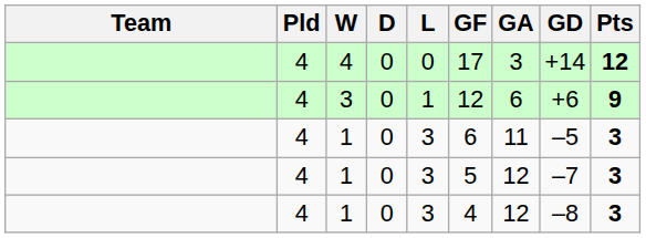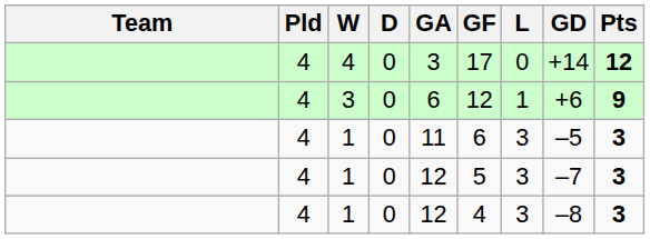 <table class=wikitable style="text-align:center">
 <tr>
 <th width=175>Team</th>
 <th width=20>Pld</th>
 <th width=20>W</th>
 <th width=20>D</th>
+<th width=20>GA</th>
+<th width=20>GF</th>
 <th width=20>L</th>
-<th width=20>GF</th>
-<th width=20>GA</th>
 <th width=20>GD</th>
 <th width=20>Pts</th>
 </tr>
 <tr style="background:#ccffcc">
 <td align=left></td>
 <td>4</td>
 <td>4</td>
 <td>0</td>
+<td>3</td>
+<td>17</td>
 <td>0</td>
-<td>17</td>
-<td>3</td>
 <td>+14</td>
 <td><strong>12</strong></td>
 </tr>
 <tr style="background:#ccffcc">
 <td align=left></td>
 <td>4</td>
 <td>3</td>
 <td>0</td>
+<td>6</td>
+<td>12</td>
 <td>1</td>
-<td>12</td>
-<td>6</td>
 <td>+6</td>
 <td><strong>9</strong></td>
 </tr>
 <tr>
 <td align=left></td>
 <td>4</td>
 <td>1</td>
 <td>0</td>
+<td>11</td>
+<td>6</td>
 <td>3</td>
-<td>6</td>
-<td>11</td>
 <td>–5</td>
 <td><strong>3</strong></td>
 </tr>
 <tr>
 <td align=left></td>
 <td>4</td>
 <td>1</td>
 <td>0</td>
+<td>12</td>
+<td>5</td>
 <td>3</td>
-<td>5</td>
-<td>12</td>
 <td>–7</td>
 <td><strong>3</strong></td>
 </tr>
 <tr>
 <td align=left></td>
 <td>4</td>
 <td>1</td>
 <td>0</td>
+<td>12</td>
+<td>4</td>
 <td>3</td>
-<td>4</td>
-<td>12</td>
 <td>–8</td>
 <td><strong>3</strong></td>
 </tr>
 </table>
